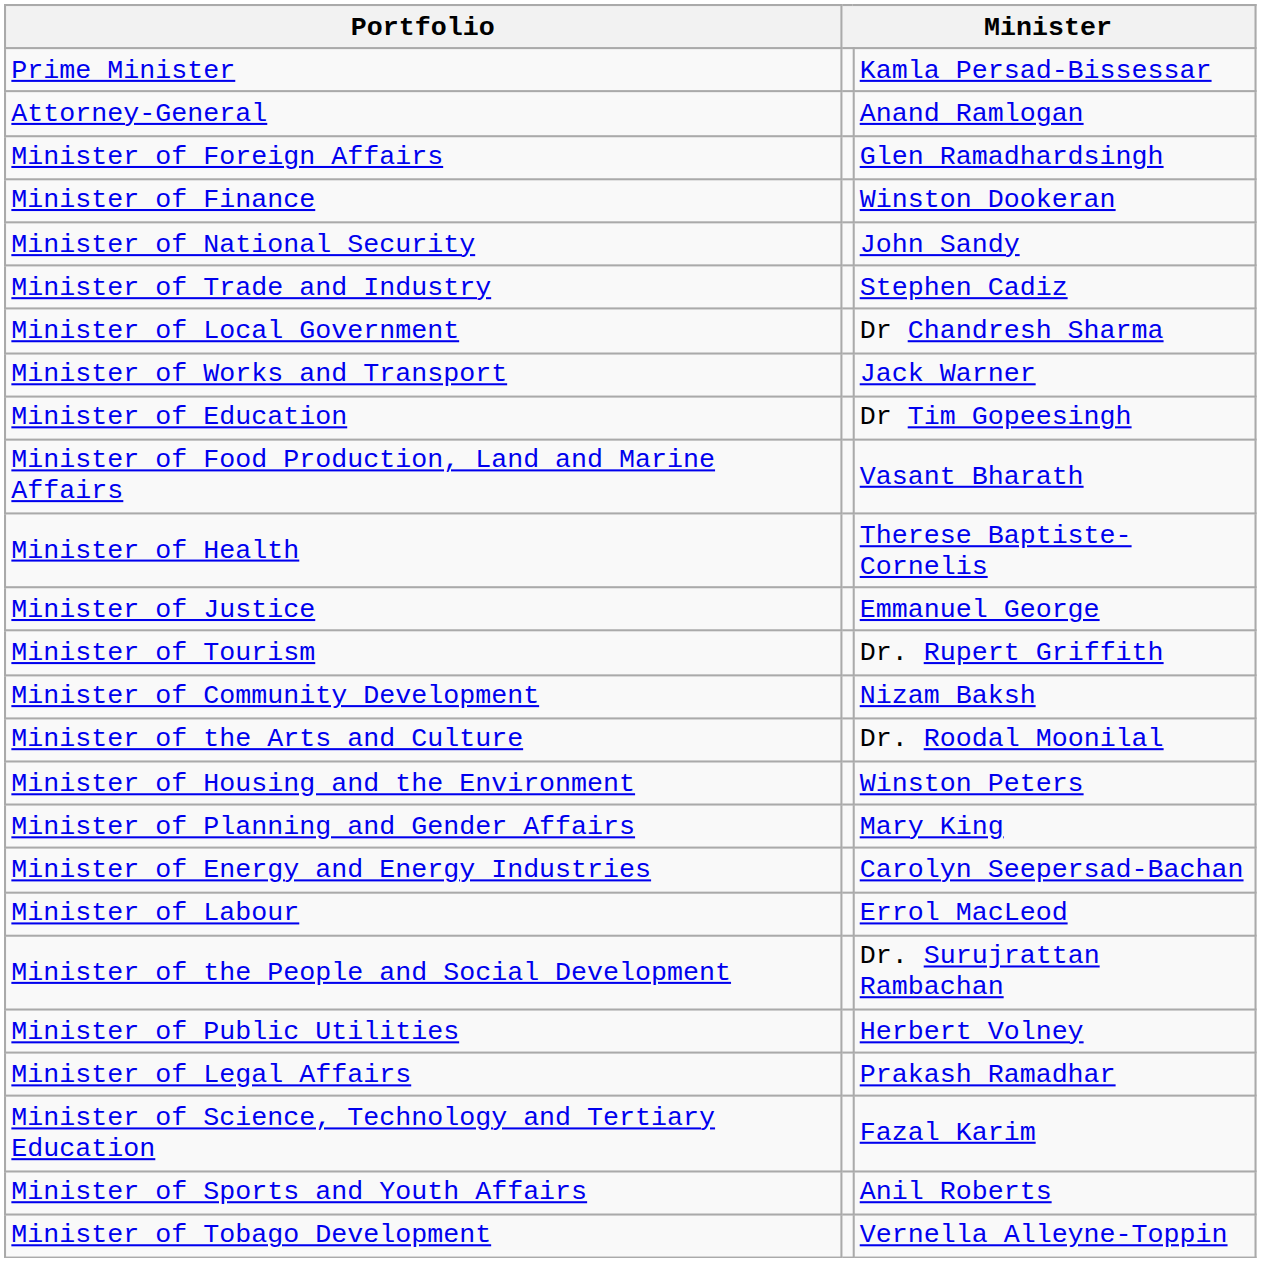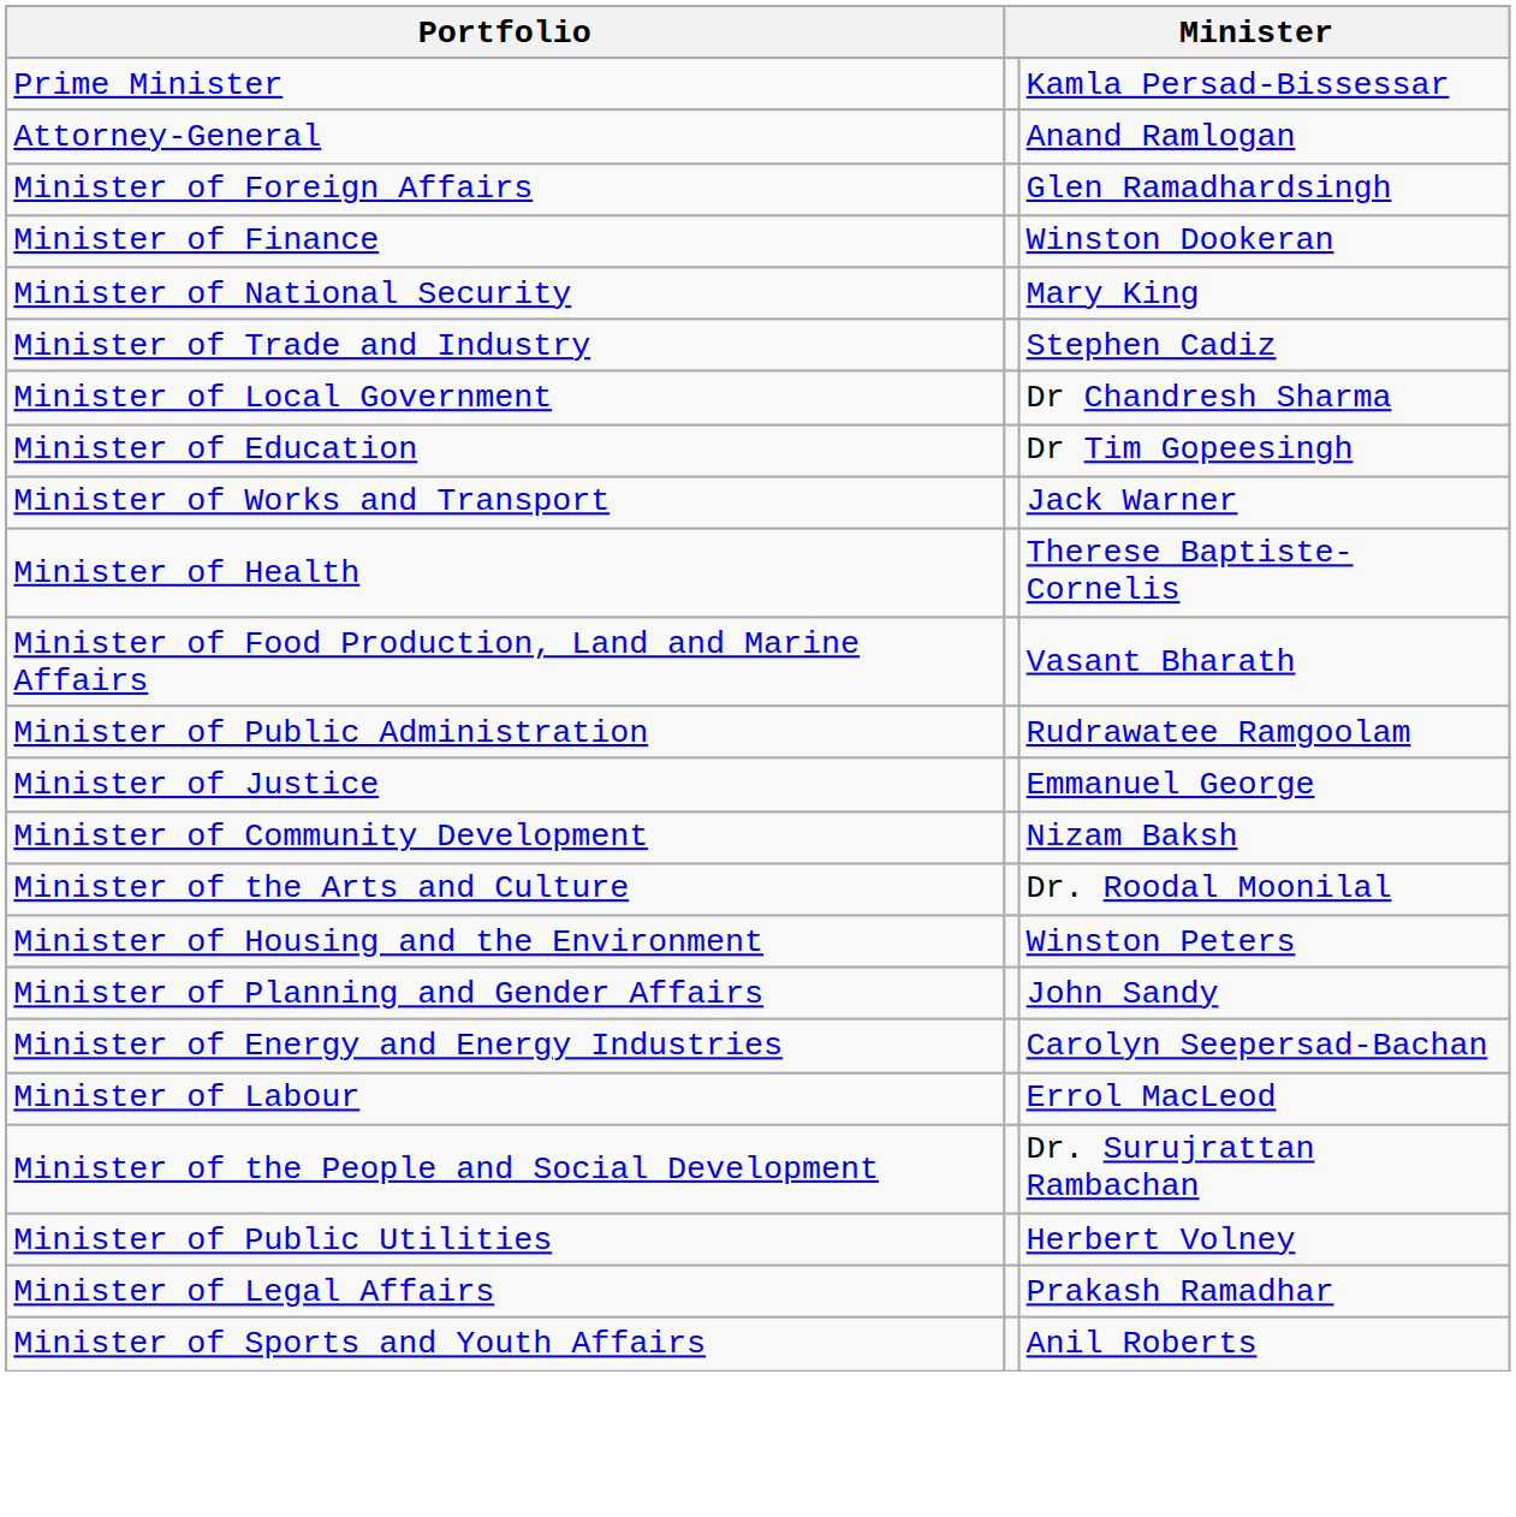 <table class="wikitable">
 <tr>
 <th>Portfolio</th>
 <th colspan=2>Minister</th>
 </tr>
 <tr>
 <td><a href='#'>Prime Minister</a></td>
 <td style="background:"></td>
 <td><a href='#'>Kamla Persad-Bissessar</a></td>
 </tr>
 <tr>
 <td><a href='#'>Attorney-General</a></td>
 <td style="background:"></td>
 <td><a href='#'>Anand Ramlogan</a></td>
 </tr>
 <tr>
 <td><a href='#'>Minister of Foreign Affairs</a></td>
 <td style="background:"></td>
 <td><a href='#'>Glen Ramadhardsingh</a></td>
 </tr>
 <tr>
 <td><a href='#'>Minister of Finance</a></td>
 <td style="background:"></td>
 <td><a href='#'>Winston Dookeran</a></td>
 </tr>
 <tr>
 <td><a href='#'>Minister of National Security</a></td>
 <td style="background:"></td>
-<td><a href='#'>John Sandy</a></td>
+<td><a href='#'>Mary King</a></td>
 </tr>
 <tr>
 <td><a href='#'>Minister of Trade and Industry</a></td>
 <td style="background:"></td>
 <td><a href='#'>Stephen Cadiz</a></td>
 </tr>
 <tr>
 <td><a href='#'>Minister of Local Government</a></td>
 <td style="background:"></td>
 <td>Dr <a href='#'>Chandresh Sharma</a></td>
 </tr>
 <tr>
+<td><a href='#'>Minister of Education</a></td>
+<td style="background:"></td>
+<td>Dr <a href='#'>Tim Gopeesingh</a></td>
+</tr>
+<tr>
 <td><a href='#'>Minister of Works and Transport</a></td>
 <td style="background:"></td>
 <td><a href='#'>Jack Warner</a></td>
 </tr>
 <tr>
-<td><a href='#'>Minister of Education</a></td>
+<td><a href='#'>Minister of Health</a></td>
 <td style="background:"></td>
-<td>Dr <a href='#'>Tim Gopeesingh</a></td>
+<td><a href='#'>Therese Baptiste-Cornelis</a></td>
 </tr>
 <tr>
 <td><a href='#'>Minister of Food Production, Land and Marine Affairs</a></td>
 <td style="background:"></td>
 <td><a href='#'>Vasant Bharath</a></td>
 </tr>
 <tr>
-<td><a href='#'>Minister of Health</a></td>
+<td><a href='#'>Minister of Public Administration</a></td>
 <td style="background:"></td>
-<td><a href='#'>Therese Baptiste-Cornelis</a></td>
+<td><a href='#'>Rudrawatee Ramgoolam</a></td>
 </tr>
 <tr>
 <td><a href='#'>Minister of Justice</a></td>
 <td style="background:"></td>
 <td><a href='#'>Emmanuel George</a></td>
-</tr>
-<tr>
-<td><a href='#'>Minister of Tourism</a></td>
-<td style="background:"></td>
-<td>Dr. <a href='#'>Rupert Griffith</a></td>
 </tr>
 <tr>
 <td><a href='#'>Minister of Community Development</a></td>
 <td style="background:"></td>
 <td><a href='#'>Nizam Baksh</a></td>
 </tr>
 <tr>
 <td><a href='#'>Minister of the Arts and Culture</a></td>
 <td style="background:"></td>
 <td>Dr. <a href='#'>Roodal Moonilal</a></td>
 </tr>
 <tr>
 <td><a href='#'>Minister of Housing and the Environment</a></td>
 <td style="background:"></td>
 <td><a href='#'>Winston Peters</a></td>
 </tr>
 <tr>
 <td><a href='#'>Minister of Planning and Gender Affairs</a></td>
 <td style="background:"></td>
-<td><a href='#'>Mary King</a></td>
+<td><a href='#'>John Sandy</a></td>
 </tr>
 <tr>
 <td><a href='#'>Minister of Energy and Energy Industries</a></td>
 <td style="background:"></td>
 <td><a href='#'>Carolyn Seepersad-Bachan</a></td>
 </tr>
 <tr>
 <td><a href='#'>Minister of Labour</a></td>
 <td style="background:"></td>
 <td><a href='#'>Errol MacLeod</a></td>
 </tr>
 <tr>
 <td><a href='#'>Minister of the People and Social Development</a></td>
 <td style="background:"></td>
 <td>Dr. <a href='#'>Surujrattan Rambachan</a></td>
 </tr>
 <tr>
 <td><a href='#'>Minister of Public Utilities</a></td>
 <td style="background:"></td>
 <td><a href='#'>Herbert Volney</a></td>
 </tr>
 <tr>
 <td><a href='#'>Minister of Legal Affairs</a></td>
 <td style="background:"></td>
 <td><a href='#'>Prakash Ramadhar</a></td>
 </tr>
 <tr>
-<td><a href='#'>Minister of Science, Technology and Tertiary Education</a></td>
-<td style="background:"></td>
-<td><a href='#'>Fazal Karim</a></td>
-</tr>
-<tr>
 <td><a href='#'>Minister of Sports and Youth Affairs</a></td>
 <td style="background:"></td>
 <td><a href='#'>Anil Roberts</a></td>
 </tr>
-<tr>
-<td><a href='#'>Minister of Tobago Development</a></td>
-<td style="background:"></td>
-<td><a href='#'>Vernella Alleyne-Toppin</a></td>
-</tr>
 </table>
